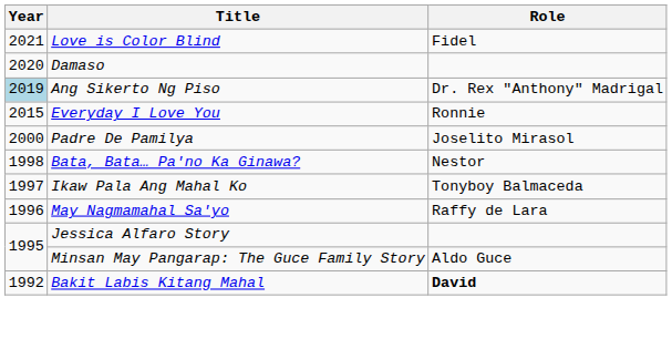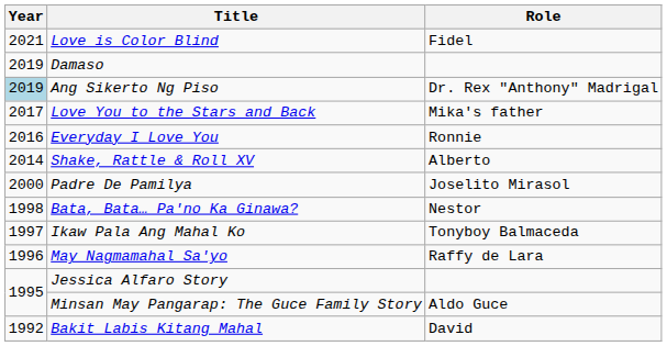 <table class="wikitable sortable">
 <tr>
 <th>Year</th>
 <th>Title</th>
 <th>Role</th>
 </tr>
 <tr>
 <td>2021</td>
 <td><em><a href='#'>Love is Color Blind</a></em></td>
 <td>Fidel</td>
 </tr>
 <tr>
-<td>2020</td>
+<td>2019</td>
 <td><em>Damaso</em></td>
 <td></td>
 </tr>
 <tr>
 <td style="background: lightblue;">2019</td>
 <td><em>Ang Sikerto Ng Piso</em></td>
 <td>Dr. Rex "Anthony" Madrigal</td>
 </tr>
 <tr>
-<td>2015</td>
+<td>2017</td>
+<td><em><a href='#'>Love You to the Stars and Back</a></em></td>
+<td>Mika's father</td>
+</tr>
+<tr>
+<td>2016</td>
 <td><em><a href='#'>Everyday I Love You</a></em></td>
 <td>Ronnie</td>
+</tr>
+<tr>
+<td>2014</td>
+<td><em><a href='#'>Shake, Rattle & Roll XV</a></em></td>
+<td>Alberto</td>
 </tr>
 <tr>
 <td>2000</td>
 <td><em>Padre De Pamilya</em></td>
 <td>Joselito Mirasol<br> </td>
 </tr>
 <tr>
 <td>1998</td>
 <td><em><a href='#'>Bata, Bata… Pa'no Ka Ginawa?</a></em></td>
 <td>Nestor</td>
 </tr>
 <tr>
 <td>1997</td>
 <td><em>Ikaw Pala Ang Mahal Ko</em></td>
 <td>Tonyboy Balmaceda</td>
 </tr>
 <tr>
 <td>1996</td>
 <td><em><a href='#'>May Nagmamahal Sa'yo</a></em></td>
 <td>Raffy de Lara</td>
 </tr>
 <tr>
 <td rowspan=2>1995</td>
 <td><em>Jessica Alfaro Story</em></td>
 <td></td>
 </tr>
 <tr>
 <td><em>Minsan May Pangarap: The Guce Family Story</em></td>
 <td>Aldo Guce<br>   </td>
 </tr>
 <tr>
 <td>1992</td>
 <td><em><a href='#'>Bakit Labis Kitang Mahal</a></em></td>
-<td><strong>David</strong></td>
+<td>David</td>
 </tr>
 </table>
